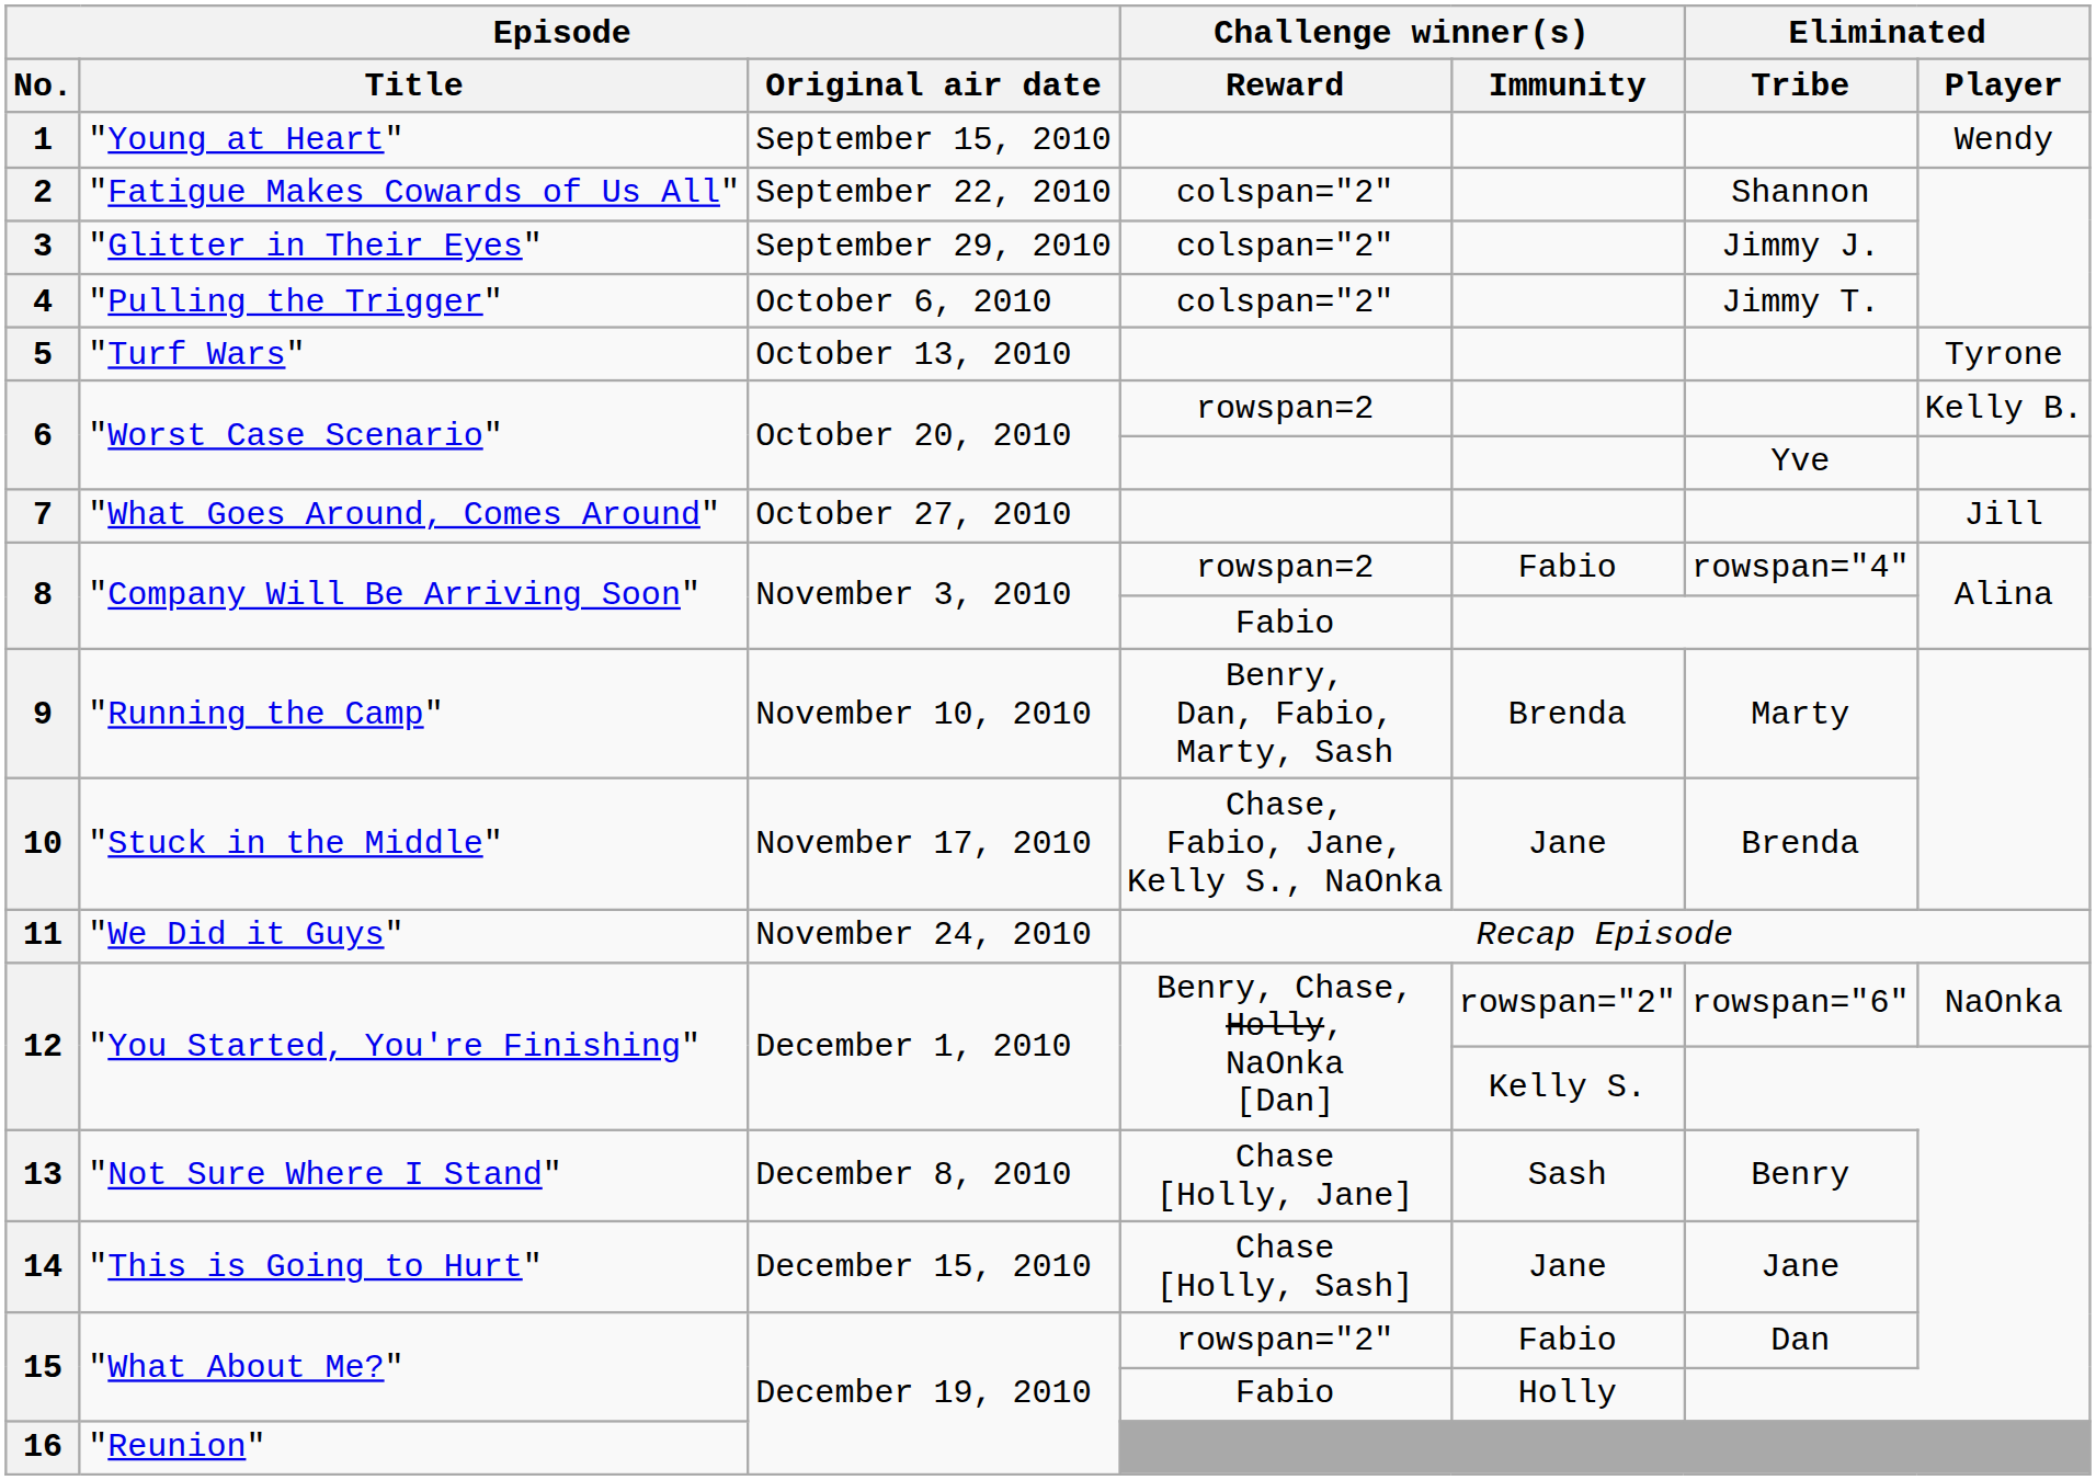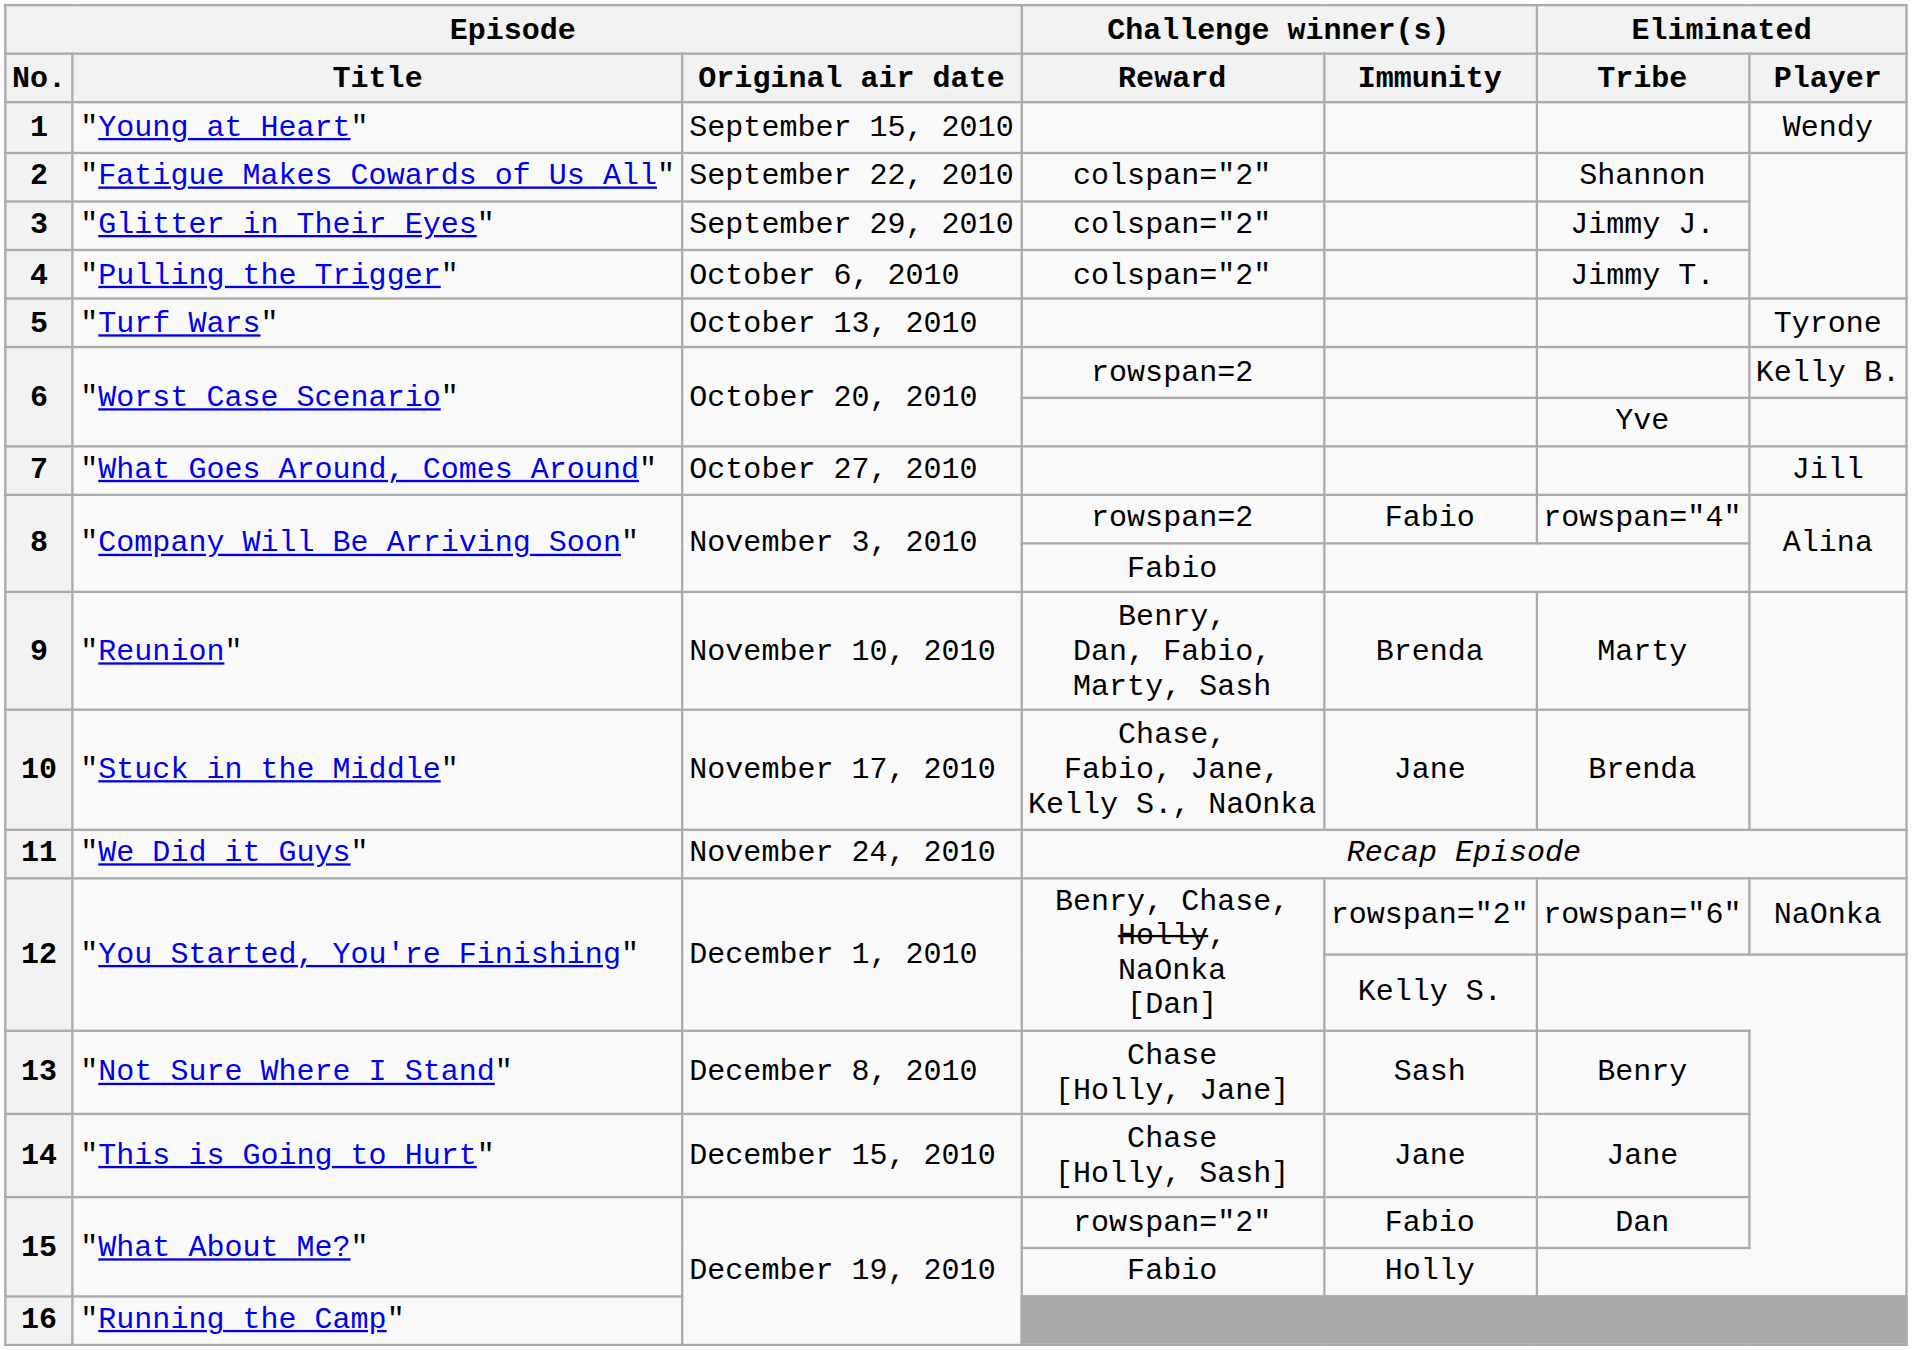 <table class="wikitable" style="margin:auto; text-align:center">
 <tr>
 <th scope="col" colspan="3">Episode</th>
 <th scope="col" colspan="2">Challenge winner(s)</th>
 <th scope="col" colspan="2">Eliminated</th>
 </tr>
 <tr>
 <th scope="col">No.</th>
 <th scope="col">Title</th>
 <th scope="col">Original air date</th>
 <th scope="col">Reward</th>
 <th scope="col">Immunity</th>
 <th scope="col">Tribe</th>
 <th scope="col">Player</th>
 </tr>
 <tr>
 <th>1</th>
 <td align="left">"<a href='#'>Young at Heart</a>"</td>
 <td align="left">September 15, 2010</td>
 <td></td>
 <td></td>
 <td></td>
 <td>Wendy</td>
 </tr>
 <tr>
 <th>2</th>
 <td align="left">"<a href='#'>Fatigue Makes Cowards of Us All</a>"</td>
 <td align="left">September 22, 2010</td>
 <td>colspan="2" </td>
 <td></td>
 <td>Shannon</td>
 </tr>
 <tr>
 <th>3</th>
 <td align="left">"<a href='#'>Glitter in Their Eyes</a>"</td>
 <td align="left">September 29, 2010</td>
 <td>colspan="2" </td>
 <td></td>
 <td>Jimmy J.</td>
 </tr>
 <tr>
 <th>4</th>
 <td align="left">"<a href='#'>Pulling the Trigger</a>"</td>
 <td align="left">October 6, 2010</td>
 <td>colspan="2" </td>
 <td></td>
 <td>Jimmy T.</td>
 </tr>
 <tr>
 <th>5</th>
 <td align="left">"<a href='#'>Turf Wars</a>"</td>
 <td align="left">October 13, 2010</td>
 <td></td>
 <td></td>
 <td></td>
 <td>Tyrone</td>
 </tr>
 <tr>
 <th rowspan="2">6</th>
 <td style="text-align:left;" rowspan="2">"<a href='#'>Worst Case Scenario</a>"</td>
 <td style="text-align:left;" rowspan="2">October 20, 2010</td>
 <td>rowspan=2 </td>
 <td></td>
 <td></td>
 <td>Kelly B.</td>
 </tr>
 <tr>
 <td></td>
 <td></td>
 <td>Yve</td>
 </tr>
 <tr>
 <th>7</th>
 <td align="left">"<a href='#'>What Goes Around, Comes Around</a>"</td>
 <td align="left">October 27, 2010</td>
 <td></td>
 <td></td>
 <td></td>
 <td>Jill</td>
 </tr>
 <tr>
 <th rowspan="2">8</th>
 <td rowspan="2" style="text-align:left;">"<a href='#'>Company Will Be Arriving Soon</a>"</td>
 <td rowspan="2" style="text-align:left;">November 3, 2010</td>
 <td>rowspan=2 </td>
 <td>Fabio</td>
 <td>rowspan="4" </td>
 <td rowspan=2>Alina</td>
 </tr>
 <tr>
 <td>Fabio</td>
 </tr>
 <tr>
 <th>9</th>
-<td align="left">"<a href='#'>Running the Camp</a>"</td>
+<td style="text-align:left;">"<a href='#'>Reunion</a>"</td>
 <td align="left">November 10, 2010</td>
 <td>Benry,<br>Dan, Fabio,<br>Marty, Sash</td>
 <td>Brenda</td>
 <td>Marty</td>
 </tr>
 <tr>
 <th>10</th>
 <td align="left">"<a href='#'>Stuck in the Middle</a>"</td>
 <td align="left">November 17, 2010</td>
 <td>Chase,<br>Fabio, Jane,<br>Kelly S., NaOnka</td>
 <td>Jane</td>
 <td>Brenda</td>
 </tr>
 <tr>
 <th>11</th>
 <td align="left">"<a href='#'>We Did it Guys</a>"</td>
 <td align="left">November 24, 2010</td>
 <td colspan="4"><em>Recap Episode</em></td>
 </tr>
 <tr>
 <th rowspan="2">12</th>
 <td style="text-align:left;" rowspan="2">"<a href='#'>You Started, You're Finishing</a>"</td>
 <td style="text-align:left;" rowspan="2">December 1, 2010</td>
 <td rowspan="2">Benry, Chase,<br><s>Holly</s>,<br>NaOnka<br>[Dan]</td>
 <td>rowspan="2" </td>
 <td>rowspan="6" </td>
 <td>NaOnka</td>
 </tr>
 <tr>
 <td>Kelly S.</td>
 </tr>
 <tr>
 <th>13</th>
 <td align="left">"<a href='#'>Not Sure Where I Stand</a>"</td>
 <td align="left">December 8, 2010</td>
 <td>Chase<br>[Holly, Jane]</td>
 <td>Sash</td>
 <td>Benry</td>
 </tr>
 <tr>
 <th>14</th>
 <td align="left">"<a href='#'>This is Going to Hurt</a>"</td>
 <td align="left">December 15, 2010</td>
 <td>Chase<br>[Holly, Sash]</td>
 <td>Jane</td>
 <td>Jane</td>
 </tr>
 <tr>
 <th rowspan="2">15</th>
 <td rowspan="2" style="text-align:left;">"<a href='#'>What About Me?</a>"</td>
 <td rowspan="3" style="text-align:left;">December 19, 2010</td>
 <td>rowspan="2" </td>
 <td>Fabio</td>
 <td>Dan</td>
 </tr>
 <tr>
 <td>Fabio</td>
 <td>Holly</td>
 </tr>
 <tr>
 <th>16</th>
-<td style="text-align:left;">"<a href='#'>Reunion</a>"</td>
+<td align="left">"<a href='#'>Running the Camp</a>"</td>
 <td colspan="4" bgcolor="darkgray"></td>
 </tr>
 </table>
